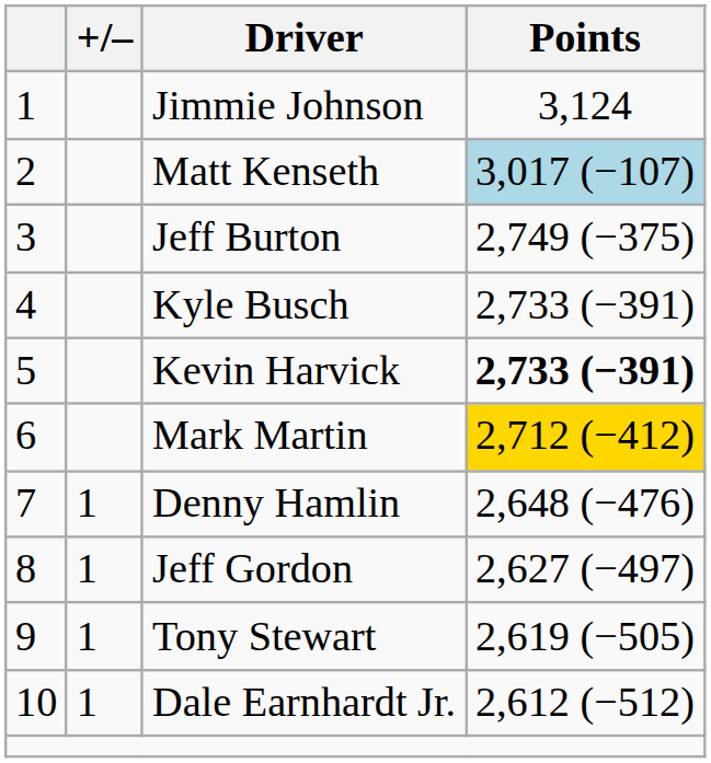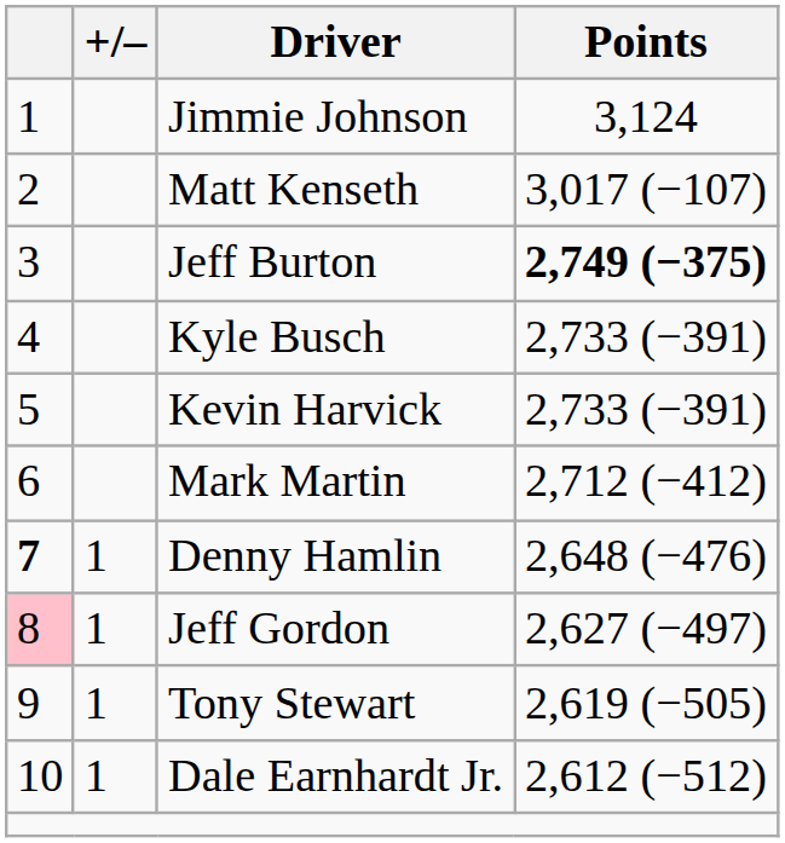 <table class="wikitable">
 <tr>
 <th scope="col"></th>
 <th scope="col">+/–</th>
 <th scope="col">Driver</th>
 <th scope="col">Points</th>
 </tr>
 <tr>
 <td scope="row">1</td>
 <td align="left"></td>
 <td>Jimmie Johnson</td>
 <td style="text-align:center;">3,124</td>
 </tr>
 <tr>
 <td scope="row">2</td>
 <td align="left"></td>
 <td>Matt Kenseth</td>
-<td style="background: lightblue; text-align:center;">3,017 (−107)</td>
+<td style="text-align:center;">3,017 (−107)</td>
 </tr>
 <tr>
 <td scope="row">3</td>
 <td align="left"></td>
 <td>Jeff Burton</td>
-<td style="text-align:center;">2,749 (−375)</td>
+<td style="text-align:center;"><strong>2,749 (−375)</strong></td>
 </tr>
 <tr>
 <td scope="row">4</td>
 <td align="left"></td>
 <td>Kyle Busch</td>
 <td style="text-align:center;">2,733 (−391)</td>
 </tr>
 <tr>
 <td scope="row">5</td>
 <td align="left"></td>
 <td>Kevin Harvick</td>
-<td style="text-align:center;"><strong>2,733 (−391)</strong></td>
+<td style="text-align:center;">2,733 (−391)</td>
 </tr>
 <tr>
 <td scope="row">6</td>
 <td align="left"></td>
 <td>Mark Martin</td>
-<td style="background: gold; text-align:center;">2,712 (−412)</td>
+<td style="text-align:center;">2,712 (−412)</td>
 </tr>
 <tr>
-<td scope="row">7</td>
+<td scope="row"><strong>7</strong></td>
 <td align="left"> 1</td>
 <td>Denny Hamlin</td>
 <td style="text-align:center;">2,648 (−476)</td>
 </tr>
 <tr>
-<td scope="row">8</td>
+<td scope="row" style="background: pink;">8</td>
 <td align="left"> 1</td>
 <td>Jeff Gordon</td>
 <td style="text-align:center;">2,627 (−497)</td>
 </tr>
 <tr>
 <td scope="row">9</td>
 <td align="left"> 1</td>
 <td>Tony Stewart</td>
 <td style="text-align:center;">2,619 (−505)</td>
 </tr>
 <tr>
 <td scope="row">10</td>
 <td align="left"> 1</td>
 <td>Dale Earnhardt Jr.</td>
 <td style="text-align:center;">2,612 (−512)</td>
 </tr>
 <tr class="sortbottom">
 <td colspan="9"></td>
 </tr>
 </table>
